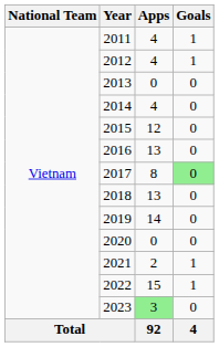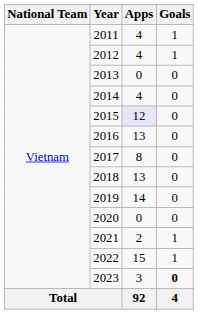 <table class="wikitable" style="text-align:center">
 <tr>
 <th>National Team</th>
 <th>Year</th>
 <th>Apps</th>
 <th>Goals</th>
 </tr>
 <tr>
 <td rowspan="13"><a href='#'>Vietnam</a></td>
 <td>2011</td>
 <td>4</td>
 <td>1</td>
 </tr>
 <tr>
 <td>2012</td>
 <td>4</td>
 <td>1</td>
 </tr>
 <tr>
 <td>2013</td>
 <td>0</td>
 <td>0</td>
 </tr>
 <tr>
 <td>2014</td>
 <td>4</td>
 <td>0</td>
 </tr>
 <tr>
 <td>2015</td>
-<td>12</td>
+<td style="background: lavender;">12</td>
 <td>0</td>
 </tr>
 <tr>
 <td>2016</td>
 <td>13</td>
 <td>0</td>
 </tr>
 <tr>
 <td>2017</td>
 <td>8</td>
-<td style="background: lightgreen;">0</td>
+<td>0</td>
 </tr>
 <tr>
 <td>2018</td>
 <td>13</td>
 <td>0</td>
 </tr>
 <tr>
 <td>2019</td>
 <td>14</td>
 <td>0</td>
 </tr>
 <tr>
 <td>2020</td>
 <td>0</td>
 <td>0</td>
 </tr>
 <tr>
 <td>2021</td>
 <td>2</td>
 <td>1</td>
 </tr>
 <tr>
 <td>2022</td>
 <td>15</td>
 <td>1</td>
 </tr>
 <tr>
 <td>2023</td>
-<td style="background: lightgreen;">3</td>
-<td>0</td>
+<td>3</td>
+<td><strong>0</strong></td>
 </tr>
 <tr>
 <th colspan=2>Total</th>
 <th>92</th>
 <th>4</th>
 </tr>
 </table>
